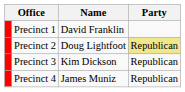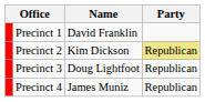 <table class="wikitable">
 <tr>
 <th colspan="2">Office</th>
 <th>Name</th>
 <th>Party</th>
 </tr>
 <tr>
 <td bgcolor="red"> </td>
 <td>Precinct 1</td>
 <td>David Franklin</td>
 <td></td>
 </tr>
 <tr>
 <td bgcolor="red"> </td>
 <td>Precinct 2</td>
-<td>Doug Lightfoot</td>
+<td>Kim Dickson</td>
 <td style="background: khaki;">Republican</td>
 </tr>
 <tr>
 <td bgcolor="red"> </td>
 <td>Precinct 3</td>
-<td>Kim Dickson</td>
+<td>Doug Lightfoot</td>
 <td>Republican</td>
 </tr>
 <tr>
 <td bgcolor="red"> </td>
 <td>Precinct 4</td>
 <td>James Muniz</td>
 <td>Republican</td>
 </tr>
 </table>
